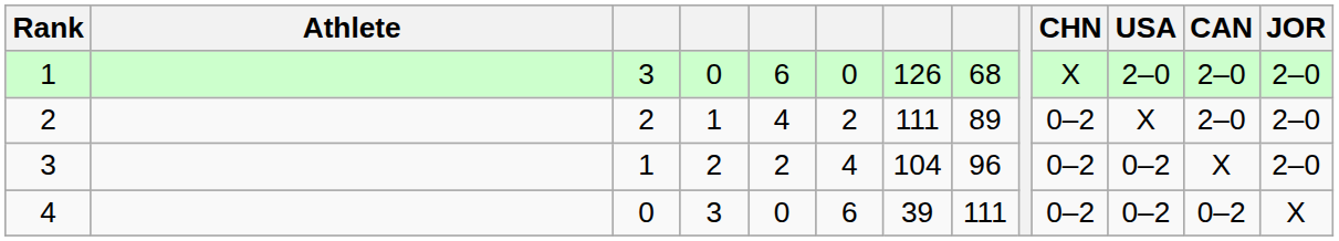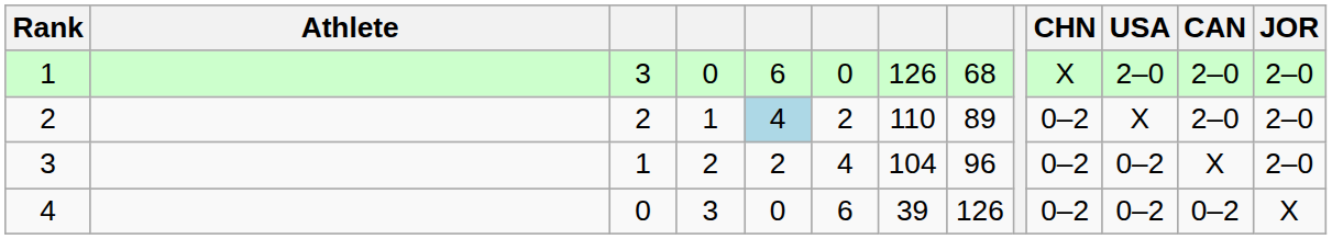 <table class="wikitable" style="text-align:center">
 <tr>
 <th width=40>Rank</th>
 <th width=280>Athlete</th>
 <th width=30></th>
 <th width=30></th>
 <th width=30></th>
 <th width=30></th>
 <th width=30></th>
 <th width=30></th>
 <th rowspan=5></th>
 <th width=30>CHN</th>
 <th width=30>USA</th>
 <th width=30>CAN</th>
 <th width=30>JOR</th>
 </tr>
 <tr style="background-color:#ccffcc;">
 <td>1</td>
 <td align=left></td>
 <td>3</td>
 <td>0</td>
 <td>6</td>
 <td>0</td>
 <td>126</td>
 <td>68</td>
 <td>X</td>
 <td>2–0</td>
 <td>2–0</td>
 <td>2–0</td>
 </tr>
 <tr>
 <td>2</td>
 <td align=left></td>
 <td>2</td>
 <td>1</td>
-<td>4</td>
+<td style="background: lightblue;">4</td>
 <td>2</td>
-<td>111</td>
+<td>110</td>
 <td>89</td>
 <td>0–2</td>
 <td>X</td>
 <td>2–0</td>
 <td>2–0</td>
 </tr>
 <tr>
 <td>3</td>
 <td align=left></td>
 <td>1</td>
 <td>2</td>
 <td>2</td>
 <td>4</td>
 <td>104</td>
 <td>96</td>
 <td>0–2</td>
 <td>0–2</td>
 <td>X</td>
 <td>2–0</td>
 </tr>
 <tr>
 <td>4</td>
 <td align=left></td>
 <td>0</td>
 <td>3</td>
 <td>0</td>
 <td>6</td>
 <td>39</td>
-<td>111</td>
+<td>126</td>
 <td>0–2</td>
 <td>0–2</td>
 <td>0–2</td>
 <td>X</td>
 </tr>
 </table>
